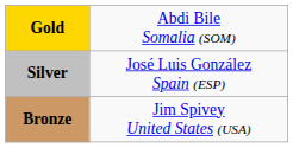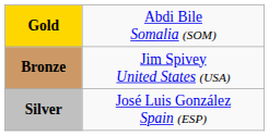 <table class="wikitable" style="text-align:center; font-size: 110%;" width="35%">
 <tr>
 <td bgcolor="gold"><strong>Gold</strong></td>
 <td> <a href='#'>Abdi Bile</a><br><em><a href='#'>Somalia</a> <small>(SOM)</small></em></td>
 </tr>
 <tr>
+<td bgcolor="CC9966"><strong>Bronze</strong></td>
+<td> <a href='#'>Jim Spivey</a><br><em><a href='#'>United States</a> <small>(USA)</small></em></td>
+</tr>
+<tr>
 <td bgcolor="silver"><strong>Silver</strong></td>
 <td> <a href='#'>José Luis González</a><br><em><a href='#'>Spain</a> <small>(ESP)</small></em></td>
 </tr>
-<tr>
-<td bgcolor="CC9966"><strong>Bronze</strong></td>
-<td> <a href='#'>Jim Spivey</a><br><em><a href='#'>United States</a> <small>(USA)</small></em></td>
-</tr>
 </table>
